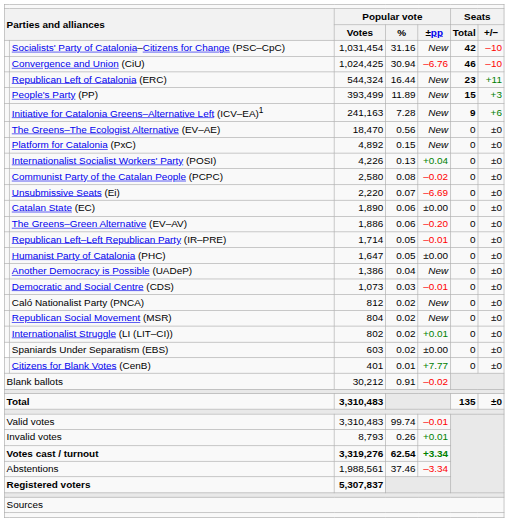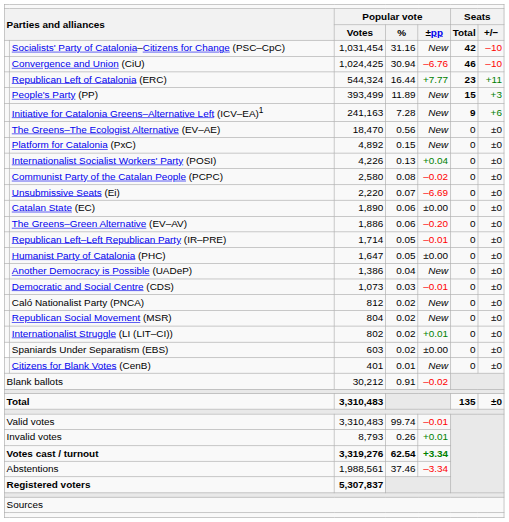 <table class="wikitable" style="text-align:right;">
 <tr>
 <td colspan="7"></td>
 </tr>
 <tr>
 <th style="text-align:left;" rowspan="2" colspan="2" width="525">Parties and alliances</th>
 <th colspan="3">Popular vote</th>
 <th colspan="2">Seats</th>
 </tr>
 <tr>
 <th width="75">Votes</th>
 <th width="45">%</th>
 <th width="45">±<a href='#'>pp</a></th>
 <th width="35">Total</th>
 <th width="35">+/−</th>
 </tr>
 <tr>
 <td width="1" style="color:inherit;background:"></td>
 <td align="left"><a href='#'>Socialists' Party of Catalonia</a>–<a href='#'>Citizens for Change</a> (PSC–CpC)</td>
 <td>1,031,454</td>
 <td>31.16</td>
 <td><em>New</em></td>
 <td><strong>42</strong></td>
 <td style="color:red;">–10</td>
 </tr>
 <tr>
 <td style="color:inherit;background:"></td>
 <td align="left"><a href='#'>Convergence and Union</a> (CiU)</td>
 <td>1,024,425</td>
 <td>30.94</td>
 <td style="color:red;">–6.76</td>
 <td><strong>46</strong></td>
 <td style="color:red;">–10</td>
 </tr>
 <tr>
 <td style="color:inherit;background:"></td>
 <td align="left"><a href='#'>Republican Left of Catalonia</a> (ERC)</td>
 <td>544,324</td>
 <td>16.44</td>
-<td><em>New</em></td>
+<td style="color:green;">+7.77</td>
 <td><strong>23</strong></td>
 <td style="color:green;">+11</td>
 </tr>
 <tr>
 <td style="color:inherit;background:"></td>
 <td align="left"><a href='#'>People's Party</a> (PP)</td>
 <td>393,499</td>
 <td>11.89</td>
 <td><em>New</em></td>
 <td><strong>15</strong></td>
 <td style="color:green;">+3</td>
 </tr>
 <tr>
 <td style="color:inherit;background:"></td>
 <td align="left"><a href='#'>Initiative for Catalonia Greens–Alternative Left</a> (ICV–EA)<sup>1</sup></td>
 <td>241,163</td>
 <td>7.28</td>
 <td><em>New</em></td>
 <td><strong>9</strong></td>
 <td style="color:green;">+6</td>
 </tr>
 <tr>
 <td style="color:inherit;background:"></td>
 <td align="left"><a href='#'>The Greens–The Ecologist Alternative</a> (EV–AE)</td>
 <td>18,470</td>
 <td>0.56</td>
 <td><em>New</em></td>
 <td>0</td>
 <td>±0</td>
 </tr>
 <tr>
 <td style="color:inherit;background:"></td>
 <td align="left"><a href='#'>Platform for Catalonia</a> (PxC)</td>
 <td>4,892</td>
 <td>0.15</td>
 <td><em>New</em></td>
 <td>0</td>
 <td>±0</td>
 </tr>
 <tr>
 <td style="color:inherit;background:"></td>
 <td align="left"><a href='#'>Internationalist Socialist Workers' Party</a> (POSI)</td>
 <td>4,226</td>
 <td>0.13</td>
 <td style="color:green;">+0.04</td>
 <td>0</td>
 <td>±0</td>
 </tr>
 <tr>
 <td style="color:inherit;background:"></td>
 <td align="left"><a href='#'>Communist Party of the Catalan People</a> (PCPC)</td>
 <td>2,580</td>
 <td>0.08</td>
 <td style="color:red;">–0.02</td>
 <td>0</td>
 <td>±0</td>
 </tr>
 <tr>
 <td style="color:inherit;background:"></td>
 <td align="left"><a href='#'>Unsubmissive Seats</a> (Ei)</td>
 <td>2,220</td>
 <td>0.07</td>
 <td style="color:red;">–6.69</td>
 <td>0</td>
 <td>±0</td>
 </tr>
 <tr>
 <td style="color:inherit;background:"></td>
 <td align="left"><a href='#'>Catalan State</a> (EC)</td>
 <td>1,890</td>
 <td>0.06</td>
 <td>±0.00</td>
 <td>0</td>
 <td>±0</td>
 </tr>
 <tr>
 <td style="color:inherit;background:"></td>
 <td align="left"><a href='#'>The Greens–Green Alternative</a> (EV–AV)</td>
 <td>1,886</td>
 <td>0.06</td>
 <td style="color:red;">–0.20</td>
 <td>0</td>
 <td>±0</td>
 </tr>
 <tr>
 <td style="color:inherit;background:"></td>
 <td align="left"><a href='#'>Republican Left–Left Republican Party</a> (IR–PRE)</td>
 <td>1,714</td>
 <td>0.05</td>
 <td style="color:red;">–0.01</td>
 <td>0</td>
 <td>±0</td>
 </tr>
 <tr>
 <td style="color:inherit;background:"></td>
 <td align="left"><a href='#'>Humanist Party of Catalonia</a> (PHC)</td>
 <td>1,647</td>
 <td>0.05</td>
 <td>±0.00</td>
 <td>0</td>
 <td>±0</td>
 </tr>
 <tr>
 <td style="color:inherit;background:"></td>
 <td align="left"><a href='#'>Another Democracy is Possible</a> (UADeP)</td>
 <td>1,386</td>
 <td>0.04</td>
 <td><em>New</em></td>
 <td>0</td>
 <td>±0</td>
 </tr>
 <tr>
 <td style="color:inherit;background:"></td>
 <td align="left"><a href='#'>Democratic and Social Centre</a> (CDS)</td>
 <td>1,073</td>
 <td>0.03</td>
 <td style="color:red;">–0.01</td>
 <td>0</td>
 <td>±0</td>
 </tr>
 <tr>
 <td style="color:inherit;background:"></td>
 <td align="left">Caló Nationalist Party (PNCA)</td>
 <td>812</td>
 <td>0.02</td>
 <td><em>New</em></td>
 <td>0</td>
 <td>±0</td>
 </tr>
 <tr>
 <td style="color:inherit;background:"></td>
 <td align="left"><a href='#'>Republican Social Movement</a> (MSR)</td>
 <td>804</td>
 <td>0.02</td>
 <td><em>New</em></td>
 <td>0</td>
 <td>±0</td>
 </tr>
 <tr>
 <td style="color:inherit;background:"></td>
 <td align="left"><a href='#'>Internationalist Struggle</a> (LI (LIT–CI))</td>
 <td>802</td>
 <td>0.02</td>
 <td style="color:green;">+0.01</td>
 <td>0</td>
 <td>±0</td>
 </tr>
 <tr>
 <td bgcolor="white"></td>
 <td align="left">Spaniards Under Separatism (EBS)</td>
 <td>603</td>
 <td>0.02</td>
 <td>±0.00</td>
 <td>0</td>
 <td>±0</td>
 </tr>
 <tr>
 <td style="color:inherit;background:"></td>
 <td align="left"><a href='#'>Citizens for Blank Votes</a> (CenB)</td>
 <td>401</td>
 <td>0.01</td>
-<td style="color:green;">+7.77</td>
+<td><em>New</em></td>
 <td>0</td>
 <td>±0</td>
 </tr>
 <tr>
 <td align="left" colspan="2">Blank ballots</td>
 <td>30,212</td>
 <td>0.91</td>
 <td style="color:red;">–0.02</td>
 <td bgcolor="#E9E9E9" colspan="2"></td>
 </tr>
 <tr>
 <td colspan="7" bgcolor="#E9E9E9"></td>
 </tr>
 <tr style="font-weight:bold;">
 <td align="left" colspan="2">Total</td>
 <td>3,310,483</td>
 <td bgcolor="#E9E9E9" colspan="2"></td>
 <td>135</td>
 <td>±0</td>
 </tr>
 <tr>
 <td colspan="7" bgcolor="#E9E9E9"></td>
 </tr>
 <tr>
 <td align="left" colspan="2">Valid votes</td>
 <td>3,310,483</td>
 <td>99.74</td>
 <td style="color:red;">–0.01</td>
 <td bgcolor="#E9E9E9" colspan="2" rowspan="5"></td>
 </tr>
 <tr>
 <td align="left" colspan="2">Invalid votes</td>
 <td>8,793</td>
 <td>0.26</td>
 <td style="color:green;">+0.01</td>
 </tr>
 <tr style="font-weight:bold;">
 <td align="left" colspan="2">Votes cast / turnout</td>
 <td>3,319,276</td>
 <td>62.54</td>
 <td style="color:green;">+3.34</td>
 </tr>
 <tr>
 <td align="left" colspan="2">Abstentions</td>
 <td>1,988,561</td>
 <td>37.46</td>
 <td style="color:red;">–3.34</td>
 </tr>
 <tr style="font-weight:bold;">
 <td align="left" colspan="2">Registered voters</td>
 <td>5,307,837</td>
 <td bgcolor="#E9E9E9" colspan="2"></td>
 </tr>
 <tr>
 <td colspan="7" bgcolor="#E9E9E9"></td>
 </tr>
 <tr>
 <td align="left" colspan="7">Sources</td>
 </tr>
 <tr>
 <td colspan="7" style="text-align:left; max-width:790px;"></td>
 </tr>
 </table>
